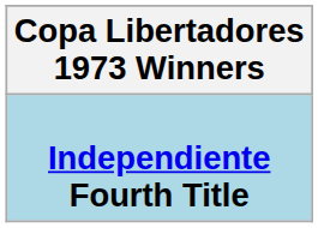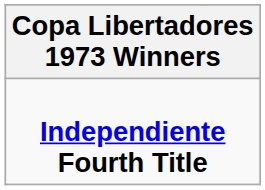 <table class="wikitable" style="text-align: center; margin: 0 auto;">
 <tr>
 <th>Copa Libertadores<br>1973 Winners</th>
 </tr>
 <tr>
-<td style="background: lightblue;"><br><strong><a href='#'>Independiente</a></strong><br><strong>Fourth Title</strong></td>
+<td><br><strong><a href='#'>Independiente</a></strong><br><strong>Fourth Title</strong></td>
 </tr>
 </table>
